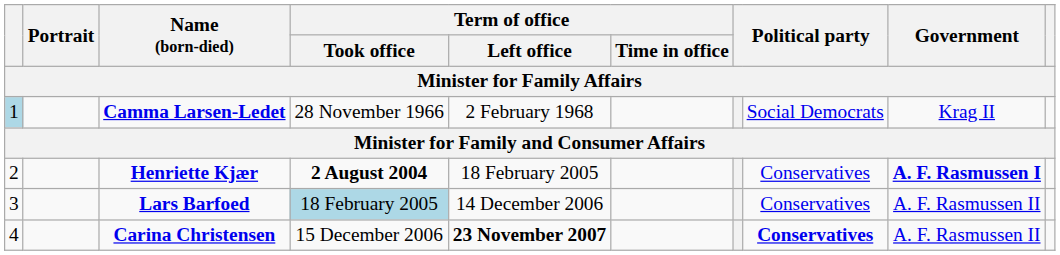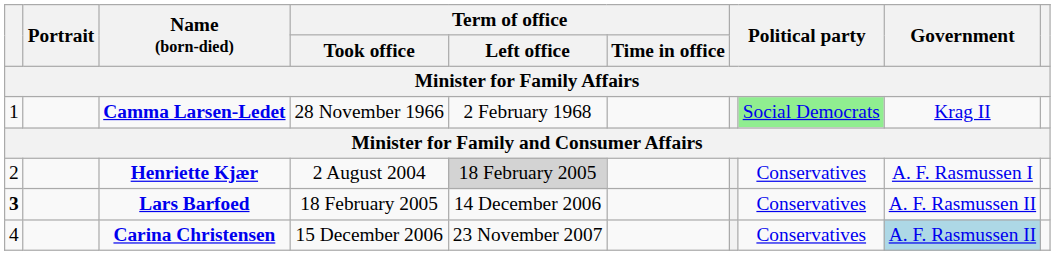 <table class="wikitable" style="text-align:center;">
 <tr>
 <th rowspan=2></th>
 <th rowspan=2>Portrait</th>
 <th rowspan=2>Name<br><small>(born-died)</small></th>
 <th colspan=3>Term of office</th>
 <th colspan=2 rowspan=2>Political party</th>
 <th rowspan=2>Government</th>
 <th rowspan=2></th>
 </tr>
 <tr>
 <th>Took office</th>
 <th>Left office</th>
 <th>Time in office</th>
 </tr>
 <tr>
 <th colspan=10>Minister for Family Affairs<br></th>
 </tr>
 <tr>
-<td style="background: lightblue;">1</td>
+<td>1</td>
 <td></td>
 <td><strong><a href='#'>Camma Larsen-Ledet</a></strong><br></td>
 <td>28 November 1966</td>
 <td>2 February 1968</td>
 <td></td>
 <th style="background:"></th>
-<td><a href='#'>Social Democrats</a></td>
+<td style="background: lightgreen;"><a href='#'>Social Democrats</a></td>
 <td><a href='#'>Krag II</a></td>
 <td></td>
 </tr>
 <tr>
 <th colspan=10>Minister for Family and Consumer Affairs<br></th>
 </tr>
 <tr>
 <td>2</td>
 <td></td>
 <td><strong><a href='#'>Henriette Kjær</a></strong><br></td>
-<td><strong>2 August 2004</strong></td>
-<td>18 February 2005</td>
+<td>2 August 2004</td>
+<td style="background: lightgrey;">18 February 2005</td>
 <td></td>
 <th style="background:"></th>
 <td><a href='#'>Conservatives</a></td>
-<td><strong><a href='#'>A. F. Rasmussen I</a></strong></td>
+<td><a href='#'>A. F. Rasmussen I</a></td>
 <td></td>
 </tr>
 <tr>
-<td>3</td>
+<td><strong>3</strong></td>
 <td></td>
 <td><strong><a href='#'>Lars Barfoed</a></strong><br></td>
-<td style="background: lightblue;">18 February 2005</td>
+<td>18 February 2005</td>
 <td>14 December 2006</td>
 <td></td>
 <th style="background:"></th>
 <td><a href='#'>Conservatives</a></td>
 <td><a href='#'>A. F. Rasmussen II</a></td>
 <td></td>
 </tr>
 <tr>
 <td>4</td>
 <td></td>
 <td><strong><a href='#'>Carina Christensen</a></strong><br></td>
 <td>15 December 2006</td>
-<td><strong>23 November 2007</strong></td>
+<td>23 November 2007</td>
 <td></td>
 <th style="background:"></th>
-<td><strong><a href='#'>Conservatives</a></strong></td>
-<td><a href='#'>A. F. Rasmussen II</a></td>
+<td><a href='#'>Conservatives</a></td>
+<td style="background: lightblue;"><a href='#'>A. F. Rasmussen II</a></td>
 <td></td>
 </tr>
 </table>
